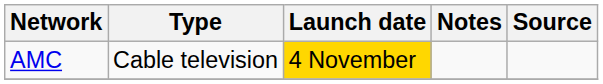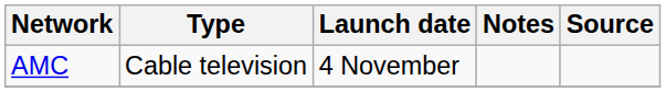 <table class="wikitable sortable">
 <tr>
 <th>Network</th>
 <th>Type</th>
 <th>Launch date</th>
 <th>Notes</th>
 <th>Source</th>
 </tr>
 <tr>
 <td><a href='#'>AMC</a></td>
 <td>Cable television</td>
-<td style="background: gold;">4 November</td>
+<td>4 November</td>
 <td></td>
 <td></td>
 </tr>
 <tr>
 </tr>
 </table>
